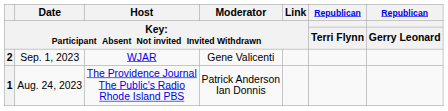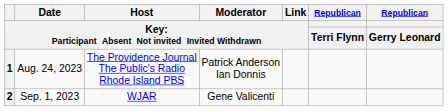 <table class="wikitable" style="text-align:center;">
 <tr>
 <th scope="col"></th>
 <th scope="col">Date</th>
 <th scope="col">Host</th>
 <th scope="col">Moderator</th>
 <th scope="col">Link</th>
 <th scope="col"><small><a href='#'>Republican</a></small></th>
 <th scope="col"><small><a href='#'>Republican</a></small></th>
 </tr>
 <tr>
 <th colspan="5" rowspan="2">Key:<br> <small>Participant </small>  <small>Absent </small>  <small>Not invited </small>  <small>Invited  Withdrawn</small></th>
 <th scope="col" style="background:"></th>
 <th scope="col" style="background:"></th>
 </tr>
 <tr>
 <th scope="col">Terri Flynn</th>
 <th scope="col">Gerry Leonard</th>
 </tr>
 <tr>
+<th>1</th>
+<td style="white-space:nowrap;">Aug. 24, 2023</td>
+<td style="white-space:nowrap;"><a href='#'>The Providence Journal</a><br><a href='#'>The Public's Radio</a><br><a href='#'>Rhode Island PBS</a></td>
+<td style="white-space:nowrap;">Patrick Anderson<br>Ian Donnis</td>
+<td style="white-space:nowrap;"></td>
+<td></td>
+<td></td>
+</tr>
+<tr>
 <th>2</th>
 <td style="white-space:nowrap;">Sep. 1, 2023</td>
 <td style="white-space:nowrap;"><a href='#'>WJAR</a></td>
 <td style="white-space:nowrap;">Gene Valicenti</td>
 <td style="white-space:nowrap;"></td>
 <td></td>
 <td></td>
 </tr>
-<tr>
-<th>1</th>
-<td style="white-space:nowrap;">Aug. 24, 2023</td>
-<td style="white-space:nowrap;"><a href='#'>The Providence Journal</a><br><a href='#'>The Public's Radio</a><br><a href='#'>Rhode Island PBS</a></td>
-<td style="white-space:nowrap;">Patrick Anderson<br>Ian Donnis</td>
-<td style="white-space:nowrap;"></td>
-<td></td>
-<td></td>
-</tr>
 </table>
